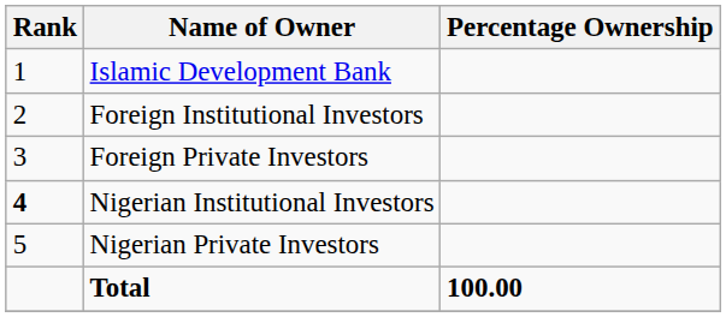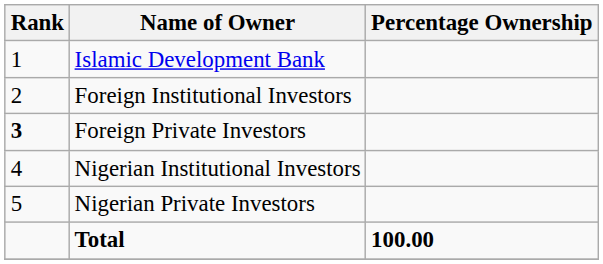 <table class="wikitable sortable" style="margin-left:auto;margin-right:auto">
 <tr>
 <th style="width:2em;">Rank</th>
 <th>Name of Owner</th>
 <th>Percentage Ownership</th>
 </tr>
 <tr>
 <td>1</td>
 <td><a href='#'>Islamic Development Bank</a></td>
 <td></td>
 </tr>
 <tr>
 <td>2</td>
 <td>Foreign Institutional Investors</td>
 <td></td>
 </tr>
 <tr>
-<td>3</td>
+<td><strong>3</strong></td>
 <td>Foreign Private Investors</td>
 <td></td>
 </tr>
 <tr>
-<td><strong>4</strong></td>
+<td>4</td>
 <td>Nigerian Institutional Investors</td>
 <td></td>
 </tr>
 <tr>
 <td>5</td>
 <td>Nigerian Private Investors</td>
 <td></td>
 </tr>
 <tr>
 <td></td>
 <td><strong>Total</strong></td>
 <td><strong>100.00</strong></td>
 </tr>
 <tr>
 </tr>
 </table>
